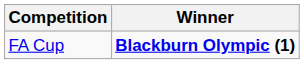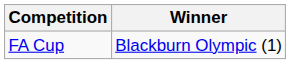 <table class="wikitable">
 <tr>
 <th>Competition</th>
 <th>Winner</th>
 </tr>
 <tr>
 <td><a href='#'>FA Cup</a></td>
-<td><strong><a href='#'>Blackburn Olympic</a> (1)</strong></td>
+<td><a href='#'>Blackburn Olympic</a> (1)</td>
 </tr>
 </table>
